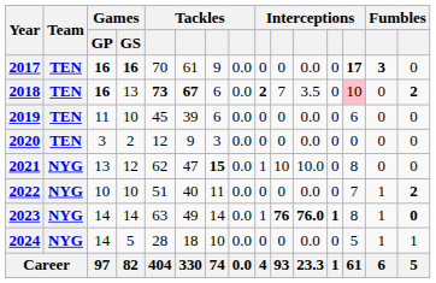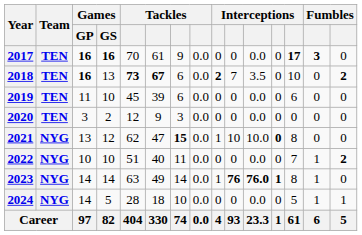 <table class="wikitable" style="text-align:center;">
 <tr>
 <th rowspan="2">Year</th>
 <th rowspan="2">Team</th>
 <th colspan="2">Games</th>
 <th colspan="4">Tackles</th>
 <th colspan="5">Interceptions</th>
 <th colspan="2">Fumbles</th>
 </tr>
 <tr>
 <th>GP</th>
 <th>GS</th>
 <th></th>
 <th></th>
 <th></th>
 <th></th>
 <th></th>
 <th></th>
 <th></th>
 <th></th>
 <th></th>
 <th></th>
 <th></th>
 </tr>
 <tr>
 <th><a href='#'>2017</a></th>
 <th><a href='#'>TEN</a></th>
 <td><strong>16</strong></td>
 <td><strong>16</strong></td>
 <td>70</td>
 <td>61</td>
 <td>9</td>
 <td>0.0</td>
 <td>0</td>
 <td>0</td>
 <td>0.0</td>
 <td>0</td>
 <td><strong>17</strong></td>
 <td><strong>3</strong></td>
 <td>0</td>
 </tr>
 <tr>
 <th><a href='#'>2018</a></th>
 <th><a href='#'>TEN</a></th>
 <td><strong>16</strong></td>
 <td>13</td>
 <td><strong>73</strong></td>
 <td><strong>67</strong></td>
 <td>6</td>
 <td>0.0</td>
 <td><strong>2</strong></td>
 <td>7</td>
 <td>3.5</td>
 <td>0</td>
-<td style="background: pink;">10</td>
+<td>10</td>
 <td>0</td>
 <td><strong>2</strong></td>
 </tr>
 <tr>
 <th><a href='#'>2019</a></th>
 <th><a href='#'>TEN</a></th>
 <td>11</td>
 <td>10</td>
 <td>45</td>
 <td>39</td>
 <td>6</td>
 <td>0.0</td>
 <td>0</td>
 <td>0</td>
 <td>0.0</td>
 <td>0</td>
 <td>6</td>
 <td>0</td>
 <td>0</td>
 </tr>
 <tr>
 <th><a href='#'>2020</a></th>
 <th><a href='#'>TEN</a></th>
 <td>3</td>
 <td>2</td>
 <td>12</td>
 <td>9</td>
 <td>3</td>
 <td>0.0</td>
 <td>0</td>
 <td>0</td>
 <td>0.0</td>
 <td>0</td>
 <td>0</td>
 <td>0</td>
 <td>0</td>
 </tr>
 <tr>
 <th><a href='#'>2021</a></th>
 <th><a href='#'>NYG</a></th>
 <td>13</td>
 <td>12</td>
 <td>62</td>
 <td>47</td>
 <td><strong>15</strong></td>
 <td>0.0</td>
 <td>1</td>
 <td>10</td>
 <td>10.0</td>
-<td>0</td>
+<td><strong>0</strong></td>
 <td>8</td>
 <td>0</td>
 <td>0</td>
 </tr>
 <tr>
 <th><a href='#'>2022</a></th>
 <th><a href='#'>NYG</a></th>
 <td>10</td>
 <td>10</td>
 <td>51</td>
 <td>40</td>
 <td>11</td>
 <td>0.0</td>
 <td>0</td>
 <td>0</td>
 <td>0.0</td>
 <td>0</td>
 <td>7</td>
 <td>1</td>
 <td><strong>2</strong></td>
 </tr>
 <tr>
 <th><a href='#'>2023</a></th>
 <th><a href='#'>NYG</a></th>
 <td>14</td>
 <td>14</td>
 <td>63</td>
 <td>49</td>
 <td>14</td>
 <td>0.0</td>
 <td>1</td>
 <td><strong>76</strong></td>
 <td><strong>76.0</strong></td>
 <td><strong>1</strong></td>
 <td>8</td>
 <td>1</td>
-<td><strong>0</strong></td>
+<td>0</td>
 </tr>
 <tr>
 <th><a href='#'>2024</a></th>
 <th><a href='#'>NYG</a></th>
 <td>14</td>
 <td>5</td>
 <td>28</td>
 <td>18</td>
 <td>10</td>
 <td>0.0</td>
 <td>0</td>
 <td>0</td>
 <td>0.0</td>
 <td>0</td>
 <td>5</td>
 <td>1</td>
 <td>1</td>
 </tr>
 <tr>
 <th colspan="2">Career</th>
 <th>97</th>
 <th>82</th>
 <th>404</th>
 <th>330</th>
 <th>74</th>
 <th>0.0</th>
 <th>4</th>
 <th>93</th>
 <th>23.3</th>
 <th>1</th>
 <th>61</th>
 <th>6</th>
 <th>5</th>
 </tr>
 </table>
